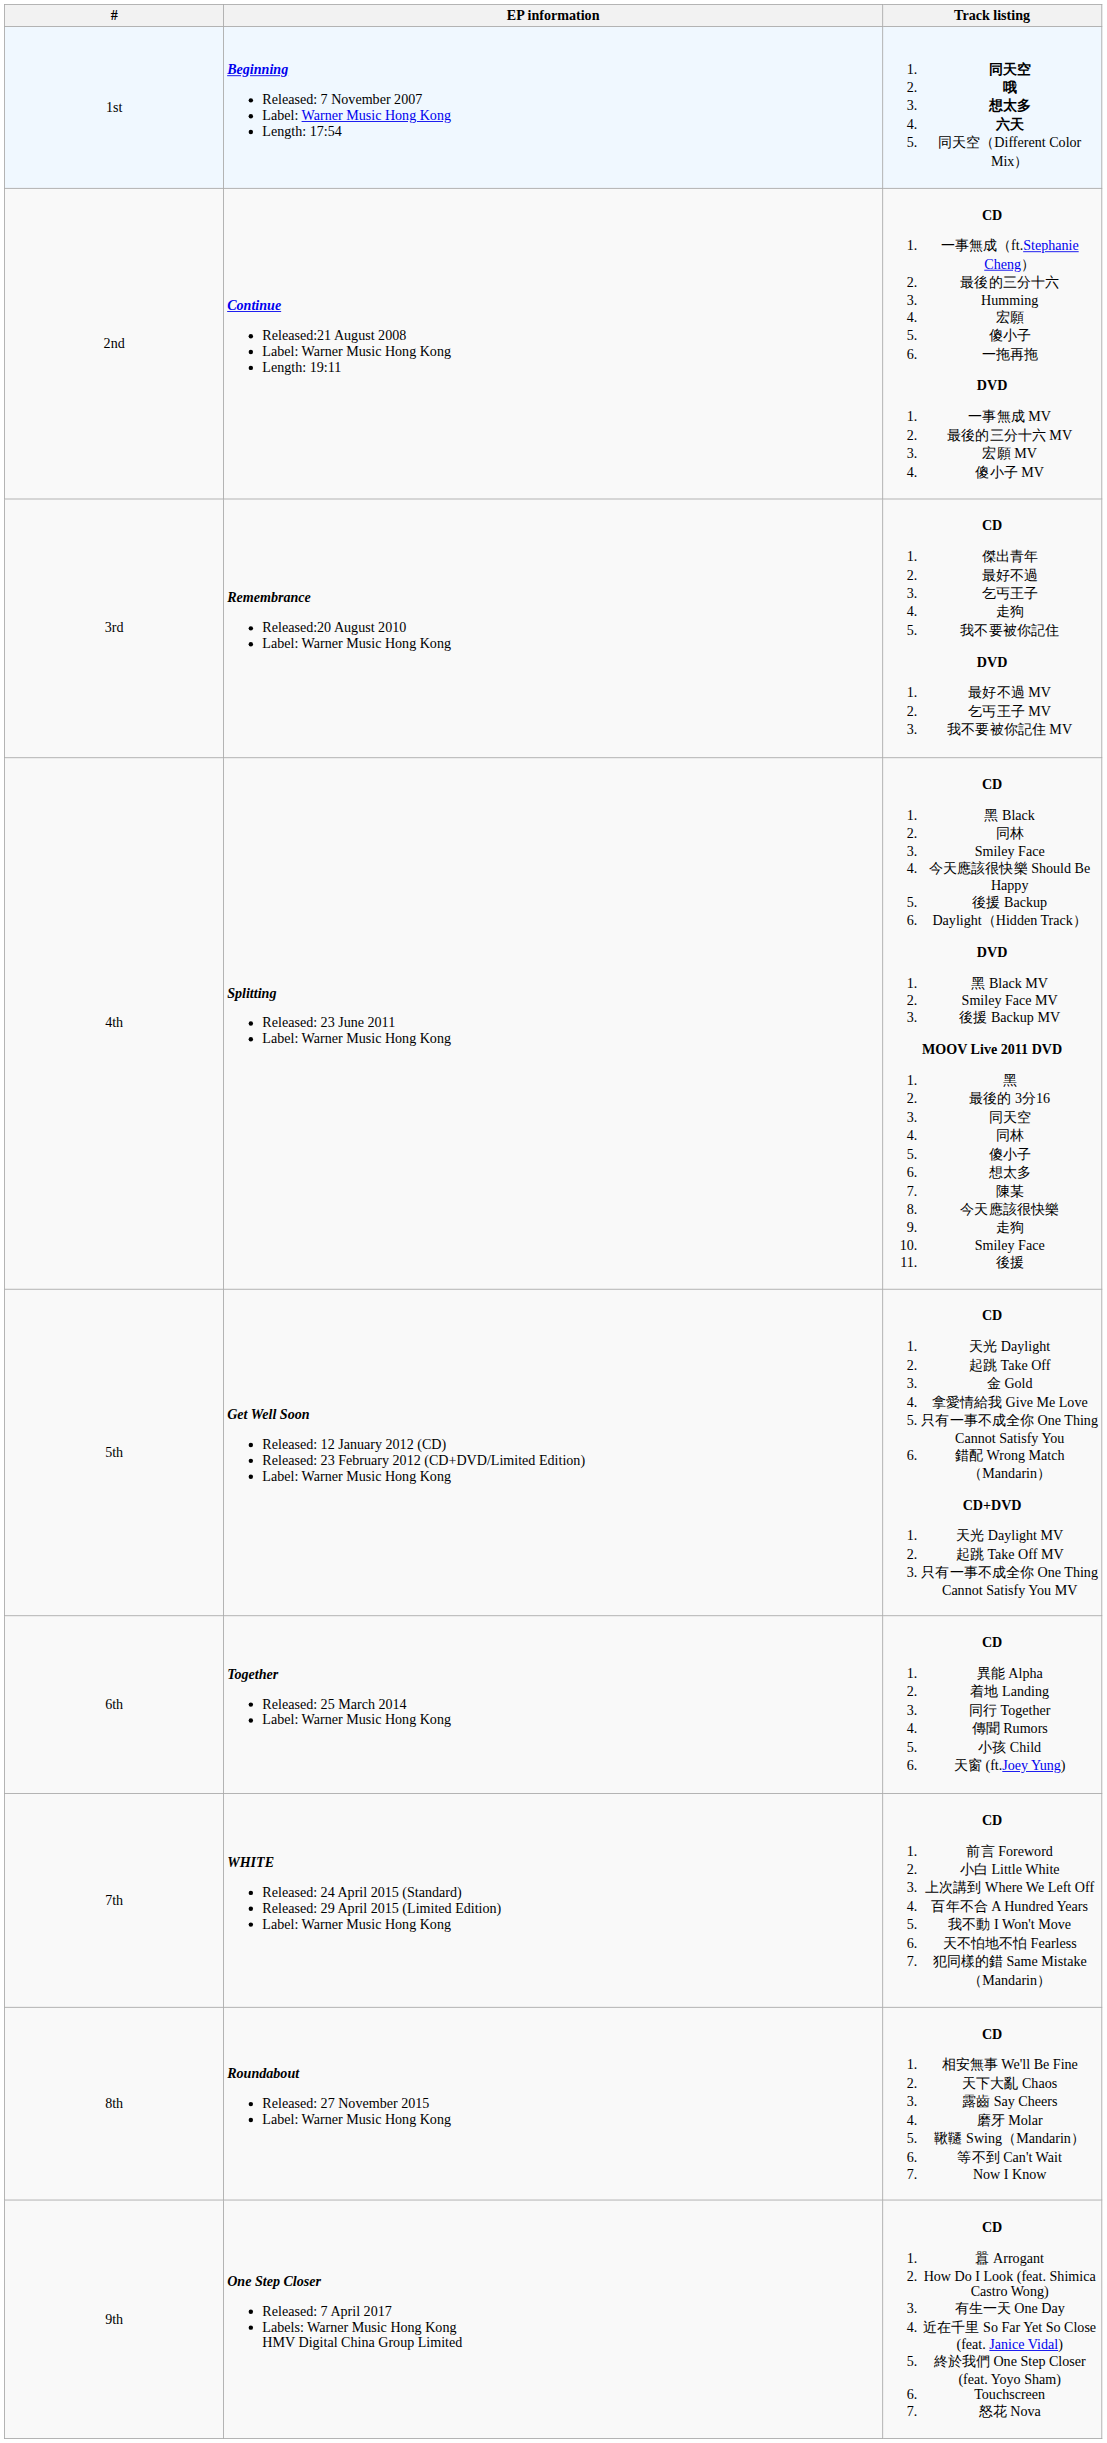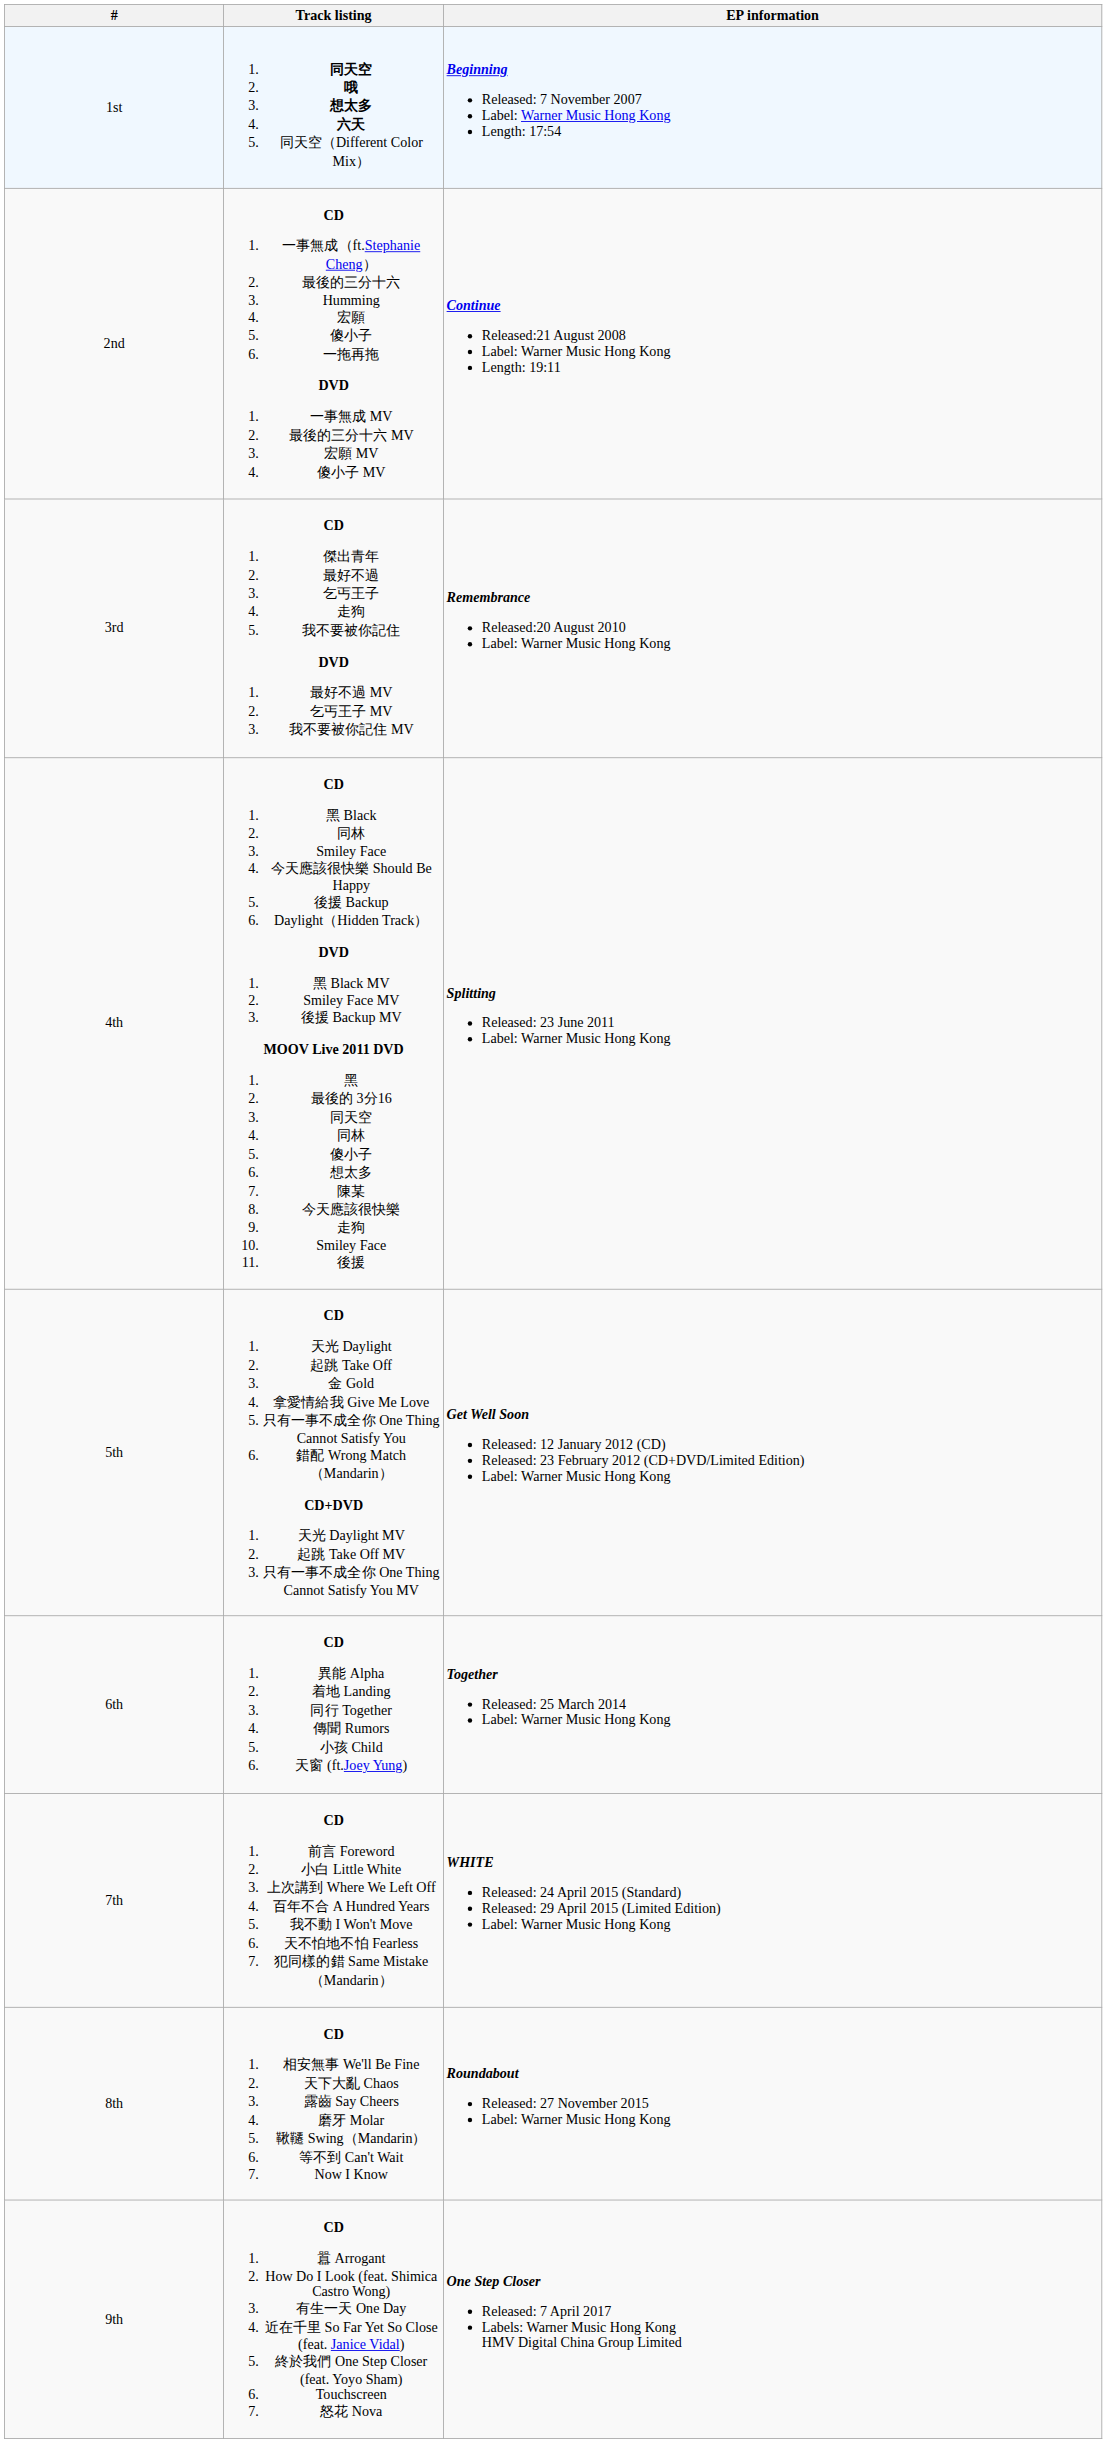 <table class="wikitable">
 <tr>
 <th align="left"width="20%">#</th>
+<th align="left" width= "20%">Track listing</th>
 <th align="left" width="800"width="40%">EP information</th>
-<th align="left" width= "20%">Track listing</th>
 </tr>
 <tr bgcolor="#F0F8FF">
 <td align="center">1st</td>
+<td align="center"><br><ol><li><strong>同天空</strong></li><li><strong>哦</strong></li><li><strong>想太多</strong></li><li><strong>六天</strong></li><li>同天空（Different Color Mix）</li></ol></td>
 <td align="left"><strong><em><a href='#'>Beginning</a></em></strong><br><ul><li>Released: 7 November 2007</li><li>Label: <a href='#'>Warner Music Hong Kong</a></li><li>Length: 17:54</li></ul></td>
-<td align="center"><br><ol><li><strong>同天空</strong></li><li><strong>哦</strong></li><li><strong>想太多</strong></li><li><strong>六天</strong></li><li>同天空（Different Color Mix）</li></ol></td>
 </tr>
 <tr>
 <td align="center">2nd</td>
+<td align="center"><br><strong>CD</strong><ol><li>一事無成（ft.<a href='#'>Stephanie Cheng</a>）</li><li>最後的三分十六</li><li>Humming</li><li>宏願</li><li>傻小子</li><li>一拖再拖</li></ol><strong>DVD</strong><ol><li>一事無成 MV</li><li>最後的三分十六 MV</li><li>宏願 MV</li><li>傻小子 MV</li></ol></td>
 <td align="left"><strong><em><a href='#'>Continue</a></em></strong><br><ul><li>Released:21 August 2008</li><li>Label: Warner Music Hong Kong</li><li>Length: 19:11</li></ul></td>
-<td align="center"><br><strong>CD</strong><ol><li>一事無成（ft.<a href='#'>Stephanie Cheng</a>）</li><li>最後的三分十六</li><li>Humming</li><li>宏願</li><li>傻小子</li><li>一拖再拖</li></ol><strong>DVD</strong><ol><li>一事無成 MV</li><li>最後的三分十六 MV</li><li>宏願 MV</li><li>傻小子 MV</li></ol></td>
 </tr>
 <tr>
 <td align="center">3rd</td>
+<td align="center"><br><strong>CD</strong><ol><li>傑出青年</li><li>最好不過</li><li>乞丐王子</li><li>走狗</li><li>我不要被你記住</li></ol><strong>DVD</strong><ol><li>最好不過 MV</li><li>乞丐王子 MV</li><li>我不要被你記住 MV</li></ol></td>
 <td align="left"><strong><em>Remembrance</em></strong><br><ul><li>Released:20 August 2010</li><li>Label: Warner Music Hong Kong</li></ul></td>
-<td align="center"><br><strong>CD</strong><ol><li>傑出青年</li><li>最好不過</li><li>乞丐王子</li><li>走狗</li><li>我不要被你記住</li></ol><strong>DVD</strong><ol><li>最好不過 MV</li><li>乞丐王子 MV</li><li>我不要被你記住 MV</li></ol></td>
 </tr>
 <tr>
 <td align="center">4th</td>
+<td align="center"><br><strong>CD</strong><ol><li>黑 Black</li><li>同林</li><li>Smiley Face</li><li>今天應該很快樂 Should Be Happy</li><li>後援 Backup</li><li>Daylight（Hidden Track）</li></ol><strong>DVD</strong><ol><li>黑 Black MV</li><li>Smiley Face MV</li><li>後援 Backup MV</li></ol><strong>MOOV Live 2011 DVD</strong><ol><li>黑</li><li>最後的 3分16</li><li>同天空</li><li>同林</li><li>傻小子</li><li>想太多</li><li>陳某</li><li>今天應該很快樂</li><li>走狗</li><li>Smiley Face</li><li>後援</li></ol></td>
 <td align="left"><strong><em>Splitting</em></strong><br><ul><li>Released: 23 June 2011</li><li>Label: Warner Music Hong Kong</li></ul></td>
-<td align="center"><br><strong>CD</strong><ol><li>黑 Black</li><li>同林</li><li>Smiley Face</li><li>今天應該很快樂 Should Be Happy</li><li>後援 Backup</li><li>Daylight（Hidden Track）</li></ol><strong>DVD</strong><ol><li>黑 Black MV</li><li>Smiley Face MV</li><li>後援 Backup MV</li></ol><strong>MOOV Live 2011 DVD</strong><ol><li>黑</li><li>最後的 3分16</li><li>同天空</li><li>同林</li><li>傻小子</li><li>想太多</li><li>陳某</li><li>今天應該很快樂</li><li>走狗</li><li>Smiley Face</li><li>後援</li></ol></td>
 </tr>
 <tr>
 <td align="center">5th</td>
+<td align="center"><br><strong>CD</strong><ol><li>天光 Daylight</li><li>起跳 Take Off</li><li>金 Gold</li><li>拿愛情給我 Give Me Love</li><li>只有一事不成全你 One Thing Cannot Satisfy You</li><li>錯配 Wrong Match（Mandarin）</li></ol><strong>CD+DVD</strong><ol><li>天光 Daylight MV</li><li>起跳 Take Off MV</li><li>只有一事不成全你 One Thing Cannot Satisfy You MV</li></ol></td>
 <td align="left"><strong><em>Get Well Soon</em></strong><br><ul><li>Released: 12 January 2012 (CD)</li><li>Released: 23 February 2012 (CD+DVD/Limited Edition)</li><li>Label: Warner Music Hong Kong</li></ul></td>
-<td align="center"><br><strong>CD</strong><ol><li>天光 Daylight</li><li>起跳 Take Off</li><li>金 Gold</li><li>拿愛情給我 Give Me Love</li><li>只有一事不成全你 One Thing Cannot Satisfy You</li><li>錯配 Wrong Match（Mandarin）</li></ol><strong>CD+DVD</strong><ol><li>天光 Daylight MV</li><li>起跳 Take Off MV</li><li>只有一事不成全你 One Thing Cannot Satisfy You MV</li></ol></td>
 </tr>
 <tr>
 <td align="center">6th</td>
+<td align="center"><br><strong>CD</strong><ol><li>異能 Alpha</li><li>着地 Landing</li><li>同行 Together</li><li>傳聞 Rumors</li><li>小孩 Child</li><li>天窗 (ft.<a href='#'>Joey Yung</a>)</li></ol></td>
 <td align="left"><strong><em>Together</em></strong><br><ul><li>Released: 25 March 2014</li><li>Label: Warner Music Hong Kong</li></ul></td>
-<td align="center"><br><strong>CD</strong><ol><li>異能 Alpha</li><li>着地 Landing</li><li>同行 Together</li><li>傳聞 Rumors</li><li>小孩 Child</li><li>天窗 (ft.<a href='#'>Joey Yung</a>)</li></ol></td>
 </tr>
 <tr>
 <td align="center">7th</td>
+<td align="center"><br><strong>CD</strong><ol><li>前言 Foreword</li><li>小白 Little White</li><li>上次講到 Where We Left Off</li><li>百年不合 A Hundred Years</li><li>我不動 I Won't Move</li><li>天不怕地不怕 Fearless</li><li>犯同樣的錯 Same Mistake（Mandarin）</li></ol></td>
 <td align="left"><strong><em>WHITE</em></strong><br><ul><li>Released: 24 April 2015 (Standard)</li><li>Released: 29 April 2015 (Limited Edition)</li><li>Label: Warner Music Hong Kong</li></ul></td>
-<td align="center"><br><strong>CD</strong><ol><li>前言 Foreword</li><li>小白 Little White</li><li>上次講到 Where We Left Off</li><li>百年不合 A Hundred Years</li><li>我不動 I Won't Move</li><li>天不怕地不怕 Fearless</li><li>犯同樣的錯 Same Mistake（Mandarin）</li></ol></td>
 </tr>
 <tr>
 <td align="center">8th</td>
+<td align="center"><br><strong>CD</strong><ol><li>相安無事 We'll Be Fine</li><li>天下大亂 Chaos</li><li>露齒 Say Cheers</li><li>磨牙 Molar</li><li>鞦韆 Swing（Mandarin）</li><li>等不到 Can't Wait</li><li>Now I Know</li></ol></td>
 <td align="left"><strong><em>Roundabout</em></strong><br><ul><li>Released: 27 November 2015</li><li>Label: Warner Music Hong Kong</li></ul></td>
-<td align="center"><br><strong>CD</strong><ol><li>相安無事 We'll Be Fine</li><li>天下大亂 Chaos</li><li>露齒 Say Cheers</li><li>磨牙 Molar</li><li>鞦韆 Swing（Mandarin）</li><li>等不到 Can't Wait</li><li>Now I Know</li></ol></td>
 </tr>
 <tr>
 <td align="center">9th</td>
+<td align="center"><br><strong>CD</strong><ol><li>囂 Arrogant</li><li>How Do I Look (feat. Shimica Castro Wong)</li><li>有生一天 One Day</li><li>近在千里 So Far Yet So Close (feat. <a href='#'>Janice Vidal</a>)</li><li>終於我們 One Step Closer (feat. Yoyo Sham)</li><li>Touchscreen</li><li>怒花 Nova</li></ol></td>
 <td align="left"><strong><em>One Step Closer</em></strong><br><ul><li>Released: 7 April 2017</li><li>Labels: Warner Music Hong Kong <br> HMV Digital China Group Limited</li></ul></td>
-<td align="center"><br><strong>CD</strong><ol><li>囂 Arrogant</li><li>How Do I Look (feat. Shimica Castro Wong)</li><li>有生一天 One Day</li><li>近在千里 So Far Yet So Close (feat. <a href='#'>Janice Vidal</a>)</li><li>終於我們 One Step Closer (feat. Yoyo Sham)</li><li>Touchscreen</li><li>怒花 Nova</li></ol></td>
 </tr>
 </table>
